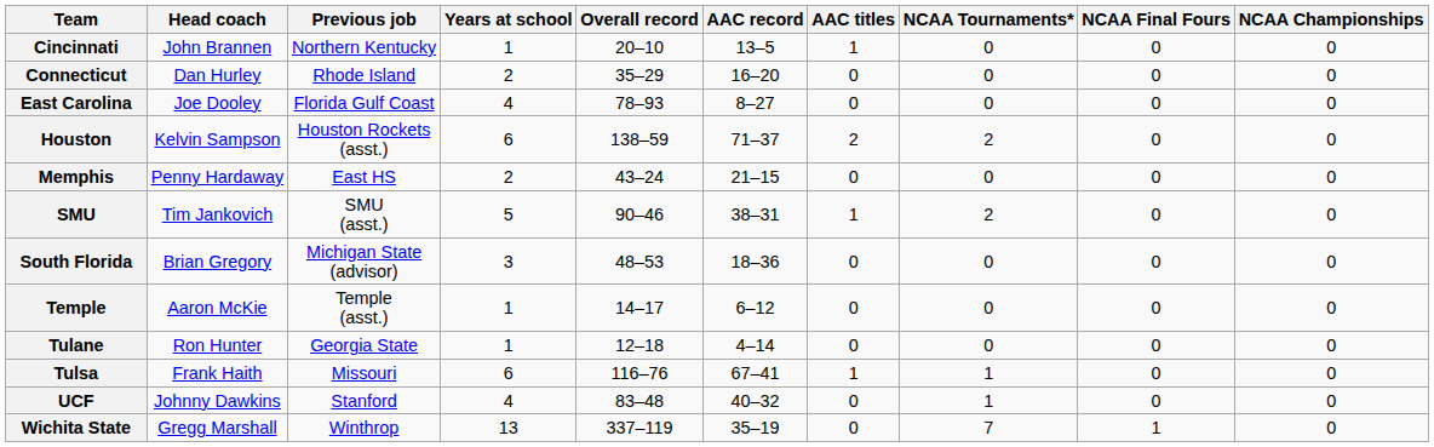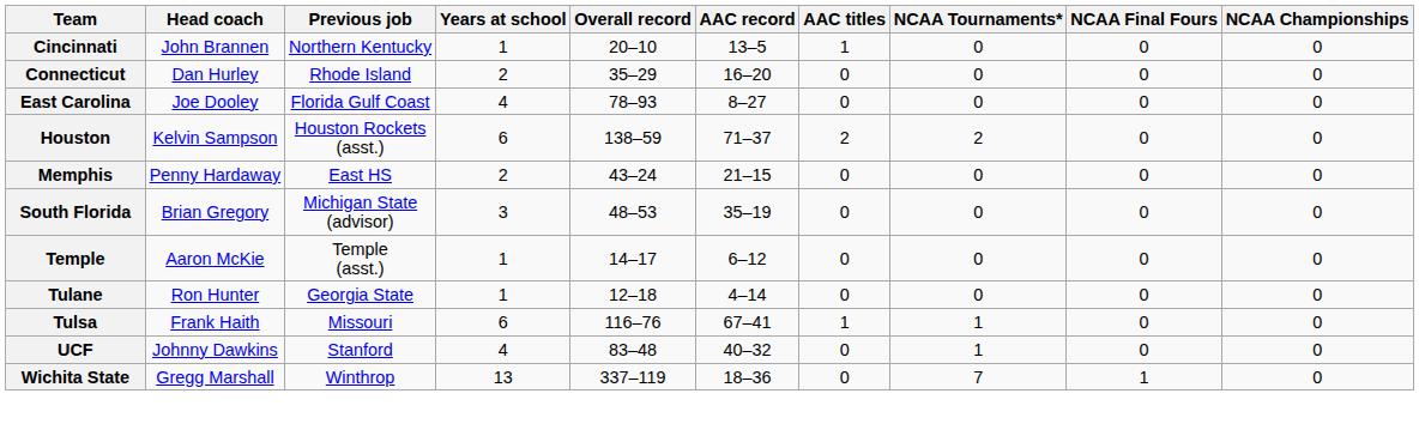 <table class="wikitable sortable" style="text-align: center;font-size:90%;">
 <tr>
 <th width="110">Team</th>
 <th>Head coach</th>
 <th>Previous job</th>
 <th>Years at school</th>
 <th>Overall record</th>
 <th>AAC record</th>
 <th>AAC titles</th>
 <th>NCAA Tournaments*</th>
 <th>NCAA Final Fours</th>
 <th>NCAA Championships</th>
 </tr>
 <tr>
 <th style=>Cincinnati</th>
 <td><a href='#'>John Brannen</a></td>
 <td><a href='#'>Northern Kentucky</a></td>
 <td>1</td>
 <td>20–10</td>
 <td>13–5</td>
 <td>1</td>
 <td>0</td>
 <td>0</td>
 <td>0</td>
 </tr>
 <tr>
 <th style=>Connecticut</th>
 <td><a href='#'>Dan Hurley</a></td>
 <td><a href='#'>Rhode Island</a></td>
 <td>2</td>
 <td>35–29</td>
 <td>16–20</td>
 <td>0</td>
 <td>0</td>
 <td>0</td>
 <td>0</td>
 </tr>
 <tr>
 <th style=>East Carolina</th>
 <td><a href='#'>Joe Dooley</a></td>
 <td><a href='#'>Florida Gulf Coast</a></td>
 <td>4</td>
 <td>78–93</td>
 <td>8–27</td>
 <td>0</td>
 <td>0</td>
 <td>0</td>
 <td>0</td>
 </tr>
 <tr>
 <th>Houston</th>
 <td><a href='#'>Kelvin Sampson</a></td>
 <td><a href='#'>Houston Rockets</a><br>(asst.)</td>
 <td>6</td>
 <td>138–59</td>
 <td>71–37</td>
 <td>2</td>
 <td>2</td>
 <td>0</td>
 <td>0</td>
 </tr>
 <tr>
 <th style=>Memphis</th>
 <td><a href='#'>Penny Hardaway</a></td>
 <td><a href='#'>East HS</a></td>
 <td>2</td>
 <td>43–24</td>
 <td>21–15</td>
 <td>0</td>
 <td>0</td>
 <td>0</td>
 <td>0</td>
 </tr>
 <tr>
-<th style=>SMU</th>
-<td><a href='#'>Tim Jankovich</a></td>
-<td>SMU<br>(asst.)</td>
-<td>5</td>
-<td>90–46</td>
-<td>38–31</td>
-<td>1</td>
-<td>2</td>
-<td>0</td>
-<td>0</td>
-</tr>
-<tr>
 <th style=>South Florida</th>
 <td><a href='#'>Brian Gregory</a></td>
 <td><a href='#'>Michigan State</a><br>(advisor)</td>
 <td>3</td>
 <td>48–53</td>
-<td>18–36</td>
+<td>35–19</td>
 <td>0</td>
 <td>0</td>
 <td>0</td>
 <td>0</td>
 </tr>
 <tr>
 <th style=>Temple</th>
 <td><a href='#'>Aaron McKie</a></td>
 <td>Temple<br>(asst.)</td>
 <td>1</td>
 <td>14–17</td>
 <td>6–12</td>
 <td>0</td>
 <td>0</td>
 <td>0</td>
 <td>0</td>
 </tr>
 <tr>
 <th style=>Tulane</th>
 <td><a href='#'>Ron Hunter</a></td>
 <td><a href='#'>Georgia State</a></td>
 <td>1</td>
 <td>12–18</td>
 <td>4–14</td>
 <td>0</td>
 <td>0</td>
 <td>0</td>
 <td>0</td>
 </tr>
 <tr>
 <th style=>Tulsa</th>
 <td><a href='#'>Frank Haith</a></td>
 <td><a href='#'>Missouri</a></td>
 <td>6</td>
 <td>116–76</td>
 <td>67–41</td>
 <td>1</td>
 <td>1</td>
 <td>0</td>
 <td>0</td>
 </tr>
 <tr>
 <th style=>UCF</th>
 <td><a href='#'>Johnny Dawkins</a></td>
 <td><a href='#'>Stanford</a></td>
 <td>4</td>
 <td>83–48</td>
 <td>40–32</td>
 <td>0</td>
 <td>1</td>
 <td>0</td>
 <td>0</td>
 </tr>
 <tr>
 <th style=>Wichita State</th>
 <td><a href='#'>Gregg Marshall</a></td>
 <td><a href='#'>Winthrop</a></td>
 <td>13</td>
 <td>337–119</td>
-<td>35–19</td>
+<td>18–36</td>
 <td>0</td>
 <td>7</td>
 <td>1</td>
 <td>0</td>
 </tr>
 <tr>
 </tr>
 </table>
